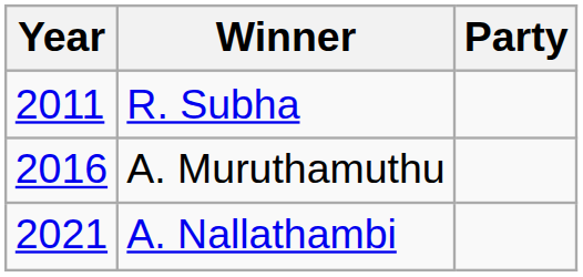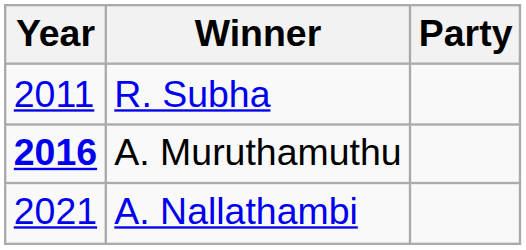 <table class="wikitable sortable">
 <tr>
 <th>Year</th>
 <th>Winner</th>
 <th colspan="2">Party</th>
 </tr>
 <tr>
 <td><a href='#'>2011</a></td>
 <td><a href='#'>R. Subha</a></td>
 <td></td>
 </tr>
 <tr>
-<td><a href='#'>2016</a></td>
+<td><strong><a href='#'>2016</a></strong></td>
 <td>A. Muruthamuthu</td>
 <td></td>
 </tr>
 <tr>
 <td><a href='#'>2021</a></td>
 <td><a href='#'>A. Nallathambi</a></td>
 </tr>
 </table>
